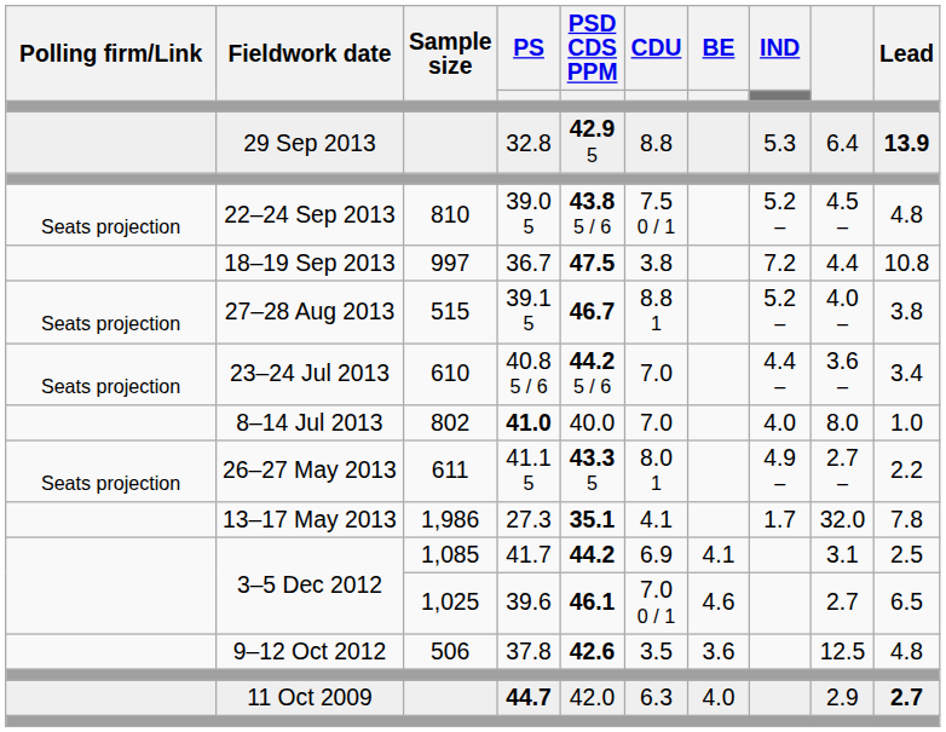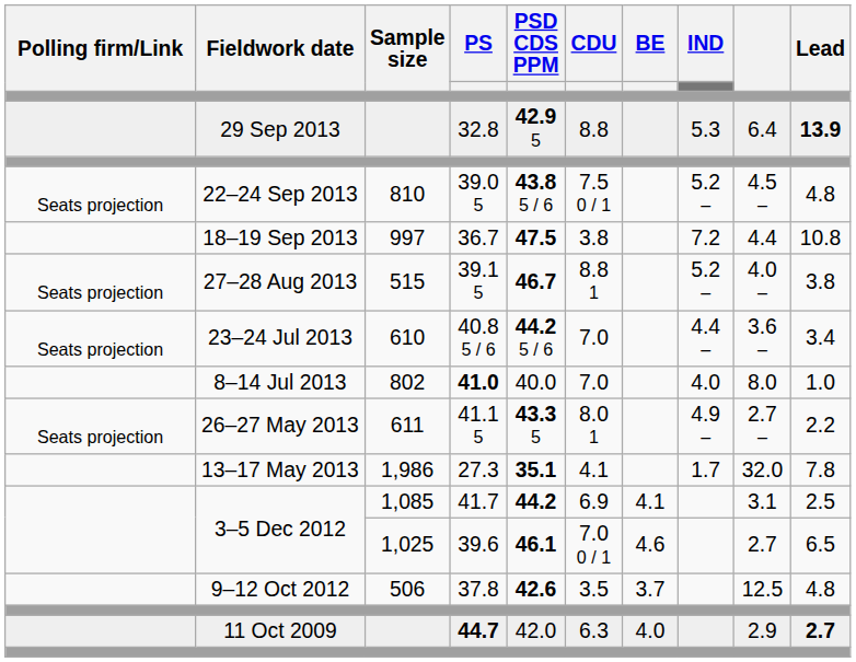 <table class="wikitable collapsible sortable" style="text-align:center; font-size:95%; line-height:16px;">
 <tr style="height:42px;">
 <th style="width:145px;" rowspan="2">Polling firm/Link</th>
 <th style="width:125px;" rowspan="2">Fieldwork date</th>
 <th class="unsortable" style="width:50px;" rowspan="2">Sample size</th>
 <th class="unsortable" style="width:35px;"><a href='#'>PS</a></th>
 <th class="unsortable" style="width:35px;"><a href='#'>PSD</a><br><a href='#'>CDS</a><br><a href='#'>PPM</a></th>
 <th class="unsortable" style="width:35px;"><a href='#'>CDU</a></th>
 <th class="unsortable" style="width:35px;"><a href='#'>BE</a></th>
 <th class="unsortable" style="width:35px;"><a href='#'>IND</a></th>
 <th class="unsortable" style="width:35px;" rowspan="2"></th>
 <th class="unsortable" style="width:30px;" rowspan="2">Lead</th>
 </tr>
 <tr>
 <th class="unsortable" style="color:inherit;background:"></th>
 <th class="unsortable" style="color:inherit;background:"></th>
 <th class="unsortable" style="color:inherit;background:"></th>
 <th class="unsortable" style="color:inherit;background:"></th>
 <th class="unsortable" style="color:inherit;background:#777777;"></th>
 </tr>
 <tr>
 <td colspan="10" style="background:#A0A0A0"></td>
 </tr>
 <tr style="background:#EFEFEF;">
 <td><strong></strong></td>
 <td data-sort-value="2019-10-06">29 Sep 2013</td>
 <td></td>
 <td>32.8<br></td>
 <td align="center" ><strong>42.9</strong><br><small>5 </small></td>
 <td>8.8<br></td>
 <td></td>
 <td>5.3<br></td>
 <td>6.4<br></td>
 <td style="background:"><strong>13.9</strong></td>
 </tr>
 <tr>
 <td colspan="10" style="background:#A0A0A0"></td>
 </tr>
 <tr>
 <td align="center"><br><small>Seats projection</small></td>
 <td align="center">22–24 Sep 2013</td>
 <td>810</td>
 <td align="center">39.0<br><small>5</small></td>
 <td align="center" ><strong>43.8</strong><br><small>5 / 6</small></td>
 <td align="center">7.5<br><small>0 / 1 </small></td>
 <td></td>
 <td align="center">5.2<br><small> –</small></td>
 <td align="center">4.5<br><small> – </small></td>
 <td style="background:">4.8</td>
 </tr>
 <tr>
 <td align="center"></td>
 <td align="center">18–19 Sep 2013</td>
 <td>997</td>
 <td align="center">36.7</td>
 <td align="center" ><strong>47.5</strong></td>
 <td align="center">3.8</td>
 <td></td>
 <td align="center">7.2</td>
 <td align="center">4.4</td>
 <td style="background:">10.8</td>
 </tr>
 <tr>
 <td align="center"><br><small>Seats projection</small></td>
 <td align="center">27–28 Aug 2013</td>
 <td>515</td>
 <td align="center">39.1<br><small>5</small></td>
 <td><strong>46.7</strong><br></td>
 <td align="center">8.8<br><small>1 </small></td>
 <td></td>
 <td align="center">5.2<br><small> –</small></td>
 <td align="center">4.0<br><small> – </small></td>
 <td style="background:">3.8</td>
 </tr>
 <tr>
 <td align="center"><br><small>Seats projection</small></td>
 <td align="center">23–24 Jul 2013</td>
 <td>610</td>
 <td align="center">40.8<br><small>5 / 6 </small></td>
 <td align="center" ><strong>44.2</strong><br><small>5 / 6 </small></td>
 <td align="center">7.0</td>
 <td></td>
 <td align="center">4.4<br><small> –</small></td>
 <td align="center">3.6<br><small> – </small></td>
 <td style="background:">3.4</td>
 </tr>
 <tr>
 <td align="center"></td>
 <td align="center">8–14 Jul 2013</td>
 <td>802</td>
 <td align="center" ><strong>41.0</strong></td>
 <td align="center">40.0</td>
 <td align="center">7.0</td>
 <td></td>
 <td align="center">4.0</td>
 <td align="center">8.0</td>
 <td style="background:">1.0</td>
 </tr>
 <tr>
 <td align="center"><br><small>Seats projection</small></td>
 <td align="center">26–27 May 2013</td>
 <td>611</td>
 <td align="center">41.1<br><small>5 </small></td>
 <td align="center" ><strong>43.3</strong><br><small>5 </small></td>
 <td align="center">8.0<br><small>1 </small></td>
 <td></td>
 <td align="center">4.9<br><small> –</small></td>
 <td align="center">2.7<br><small> – </small></td>
 <td style="background:">2.2</td>
 </tr>
 <tr>
 <td align="center"></td>
 <td align="center">13–17 May 2013</td>
 <td>1,986</td>
 <td align="center">27.3</td>
 <td align="center" ><strong>35.1</strong></td>
 <td align="center">4.1</td>
 <td></td>
 <td align="center">1.7</td>
 <td align="center">32.0</td>
 <td style="background:">7.8</td>
 </tr>
 <tr>
 <td rowspan="2" align="center"></td>
 <td rowspan="2" align="center">3–5 Dec 2012</td>
 <td>1,085</td>
 <td align="center">41.7</td>
 <td align="center" ><strong>44.2</strong></td>
 <td align="center">6.9</td>
 <td align="center">4.1</td>
 <td></td>
 <td align="center">3.1</td>
 <td style="background:">2.5</td>
 </tr>
 <tr>
 <td>1,025</td>
 <td align="center">39.6</td>
 <td align="center" ><strong>46.1</strong></td>
 <td align="center">7.0<br><small>0 / 1 </small></td>
 <td align="center">4.6</td>
 <td></td>
 <td align="center">2.7</td>
 <td style="background:">6.5</td>
 </tr>
 <tr>
 <td align="center"></td>
 <td align="center">9–12 Oct 2012</td>
 <td>506</td>
 <td align="center">37.8</td>
 <td align="center" ><strong>42.6</strong></td>
 <td align="center">3.5</td>
-<td align="center">3.6</td>
+<td align="center">3.7</td>
 <td></td>
 <td align="center">12.5</td>
 <td style="background:">4.8</td>
 </tr>
 <tr>
 <td colspan="11" style="background:#A0A0A0"></td>
 </tr>
 <tr style="background:#EFEFEF;">
 <td><strong></strong></td>
 <td data-sort-value="2019-10-06">11 Oct 2009</td>
 <td></td>
 <td><strong>44.7</strong><br></td>
 <td>42.0<br></td>
 <td>6.3<br></td>
 <td>4.0<br></td>
 <td></td>
 <td>2.9<br></td>
 <td style="background:"><strong>2.7</strong></td>
 </tr>
 <tr>
 <td colspan="11" style="background:#A0A0A0"></td>
 </tr>
 </table>
